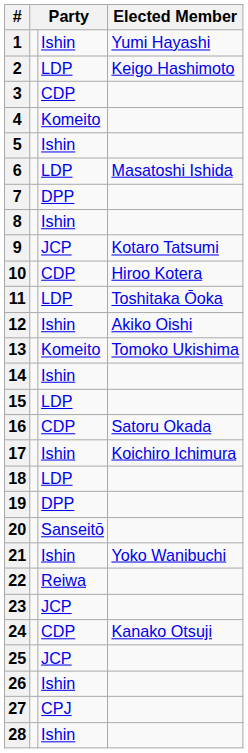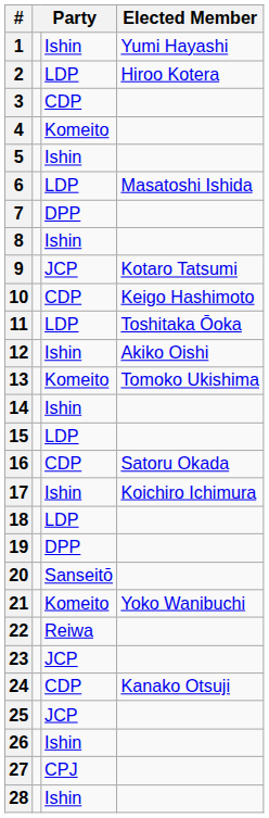 <table class="wikitable">
 <tr>
 <th>#</th>
 <th colspan=2>Party</th>
 <th>Elected Member</th>
 </tr>
 <tr>
 <th>1</th>
 <td style="background:"></td>
 <td><a href='#'>Ishin</a></td>
 <td><a href='#'>Yumi Hayashi</a></td>
 </tr>
 <tr>
 <th>2</th>
 <td style="background:"></td>
 <td><a href='#'>LDP</a></td>
-<td><a href='#'>Keigo Hashimoto</a></td>
+<td><a href='#'>Hiroo Kotera</a></td>
 </tr>
 <tr>
 <th>3</th>
 <td style="background:"></td>
 <td><a href='#'>CDP</a></td>
 <td></td>
 </tr>
 <tr>
 <th>4</th>
 <td style="background:"></td>
 <td><a href='#'>Komeito</a></td>
 <td></td>
 </tr>
 <tr>
 <th>5</th>
 <td style="background:"></td>
 <td><a href='#'>Ishin</a></td>
 <td></td>
 </tr>
 <tr>
 <th>6</th>
 <td style="background:"></td>
 <td><a href='#'>LDP</a></td>
 <td><a href='#'>Masatoshi Ishida</a></td>
 </tr>
 <tr>
 <th>7</th>
 <td style="background:"></td>
 <td><a href='#'>DPP</a></td>
 <td></td>
 </tr>
 <tr>
 <th>8</th>
 <td style="background:"></td>
 <td><a href='#'>Ishin</a></td>
 <td></td>
 </tr>
 <tr>
 <th>9</th>
 <td style="background:"></td>
 <td><a href='#'>JCP</a></td>
 <td><a href='#'>Kotaro Tatsumi</a></td>
 </tr>
 <tr>
 <th>10</th>
 <td style="background:"></td>
 <td><a href='#'>CDP</a></td>
-<td><a href='#'>Hiroo Kotera</a></td>
+<td><a href='#'>Keigo Hashimoto</a></td>
 </tr>
 <tr>
 <th>11</th>
 <td style="background:"></td>
 <td><a href='#'>LDP</a></td>
 <td><a href='#'>Toshitaka Ōoka</a></td>
 </tr>
 <tr>
 <th>12</th>
 <td style="background:"></td>
 <td><a href='#'>Ishin</a></td>
 <td><a href='#'>Akiko Oishi</a></td>
 </tr>
 <tr>
 <th>13</th>
 <td style="background:"></td>
 <td><a href='#'>Komeito</a></td>
 <td><a href='#'>Tomoko Ukishima</a></td>
 </tr>
 <tr>
 <th>14</th>
 <td style="background:"></td>
 <td><a href='#'>Ishin</a></td>
 <td></td>
 </tr>
 <tr>
 <th>15</th>
 <td style="background:"></td>
 <td><a href='#'>LDP</a></td>
 <td></td>
 </tr>
 <tr>
 <th>16</th>
 <td style="background:"></td>
 <td><a href='#'>CDP</a></td>
 <td><a href='#'>Satoru Okada</a></td>
 </tr>
 <tr>
 <th>17</th>
 <td style="background:"></td>
 <td><a href='#'>Ishin</a></td>
 <td><a href='#'>Koichiro Ichimura</a></td>
 </tr>
 <tr>
 <th>18</th>
 <td style="background:"></td>
 <td><a href='#'>LDP</a></td>
 <td></td>
 </tr>
 <tr>
 <th>19</th>
 <td style="background:"></td>
 <td><a href='#'>DPP</a></td>
 <td></td>
 </tr>
 <tr>
 <th>20</th>
 <td style="background:"></td>
 <td><a href='#'>Sanseitō</a></td>
 <td></td>
 </tr>
 <tr>
 <th>21</th>
 <td style="background:"></td>
-<td><a href='#'>Ishin</a></td>
+<td><a href='#'>Komeito</a></td>
 <td><a href='#'>Yoko Wanibuchi</a></td>
 </tr>
 <tr>
 <th>22</th>
 <td style="background:"></td>
 <td><a href='#'>Reiwa</a></td>
 <td></td>
 </tr>
 <tr>
 <th>23</th>
 <td style="background:"></td>
 <td><a href='#'>JCP</a></td>
 <td></td>
 </tr>
 <tr>
 <th>24</th>
 <td style="background:"></td>
 <td><a href='#'>CDP</a></td>
 <td><a href='#'>Kanako Otsuji</a></td>
 </tr>
 <tr>
 <th>25</th>
 <td style="background:"></td>
 <td><a href='#'>JCP</a></td>
 <td></td>
 </tr>
 <tr>
 <th>26</th>
 <td style="background:"></td>
 <td><a href='#'>Ishin</a></td>
 <td></td>
 </tr>
 <tr>
 <th>27</th>
 <td style="background:"></td>
 <td><a href='#'>CPJ</a></td>
 <td></td>
 </tr>
 <tr>
 <th>28</th>
 <td style="background:"></td>
 <td><a href='#'>Ishin</a></td>
 <td></td>
 </tr>
 </table>
